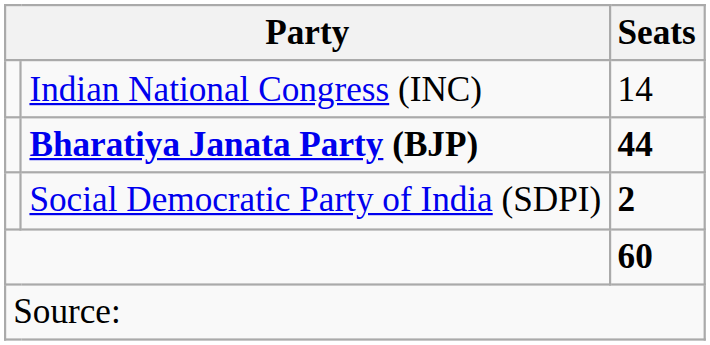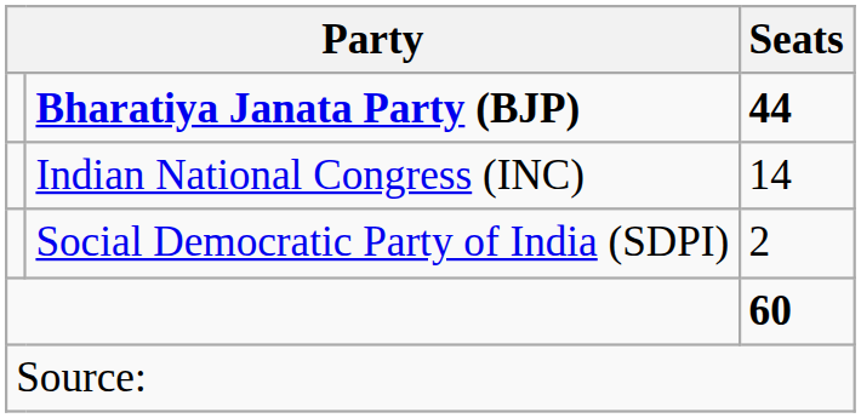 <table class="wikitable">
 <tr>
 <th colspan="2">Party</th>
 <th>Seats</th>
+</tr>
+<tr>
+<td style="background-color:"></td>
+<td><strong><a href='#'>Bharatiya Janata Party</a> (BJP)</strong></td>
+<td><strong>44</strong></td>
 </tr>
 <tr>
 <td style="background-color:"></td>
 <td><a href='#'>Indian National Congress</a> (INC)</td>
 <td>14</td>
 </tr>
 <tr>
 <td style="background-color:"></td>
-<td><strong><a href='#'>Bharatiya Janata Party</a> (BJP)</strong></td>
-<td><strong>44</strong></td>
-</tr>
-<tr>
-<td style="background-color:"></td>
 <td><a href='#'>Social Democratic Party of India</a> (SDPI)</td>
-<td><strong>2</strong></td>
+<td>2</td>
 </tr>
 <tr>
 <td colspan="2"></td>
 <td><strong>60</strong></td>
 </tr>
 <tr>
 <td colspan="3">Source:</td>
 </tr>
 </table>
